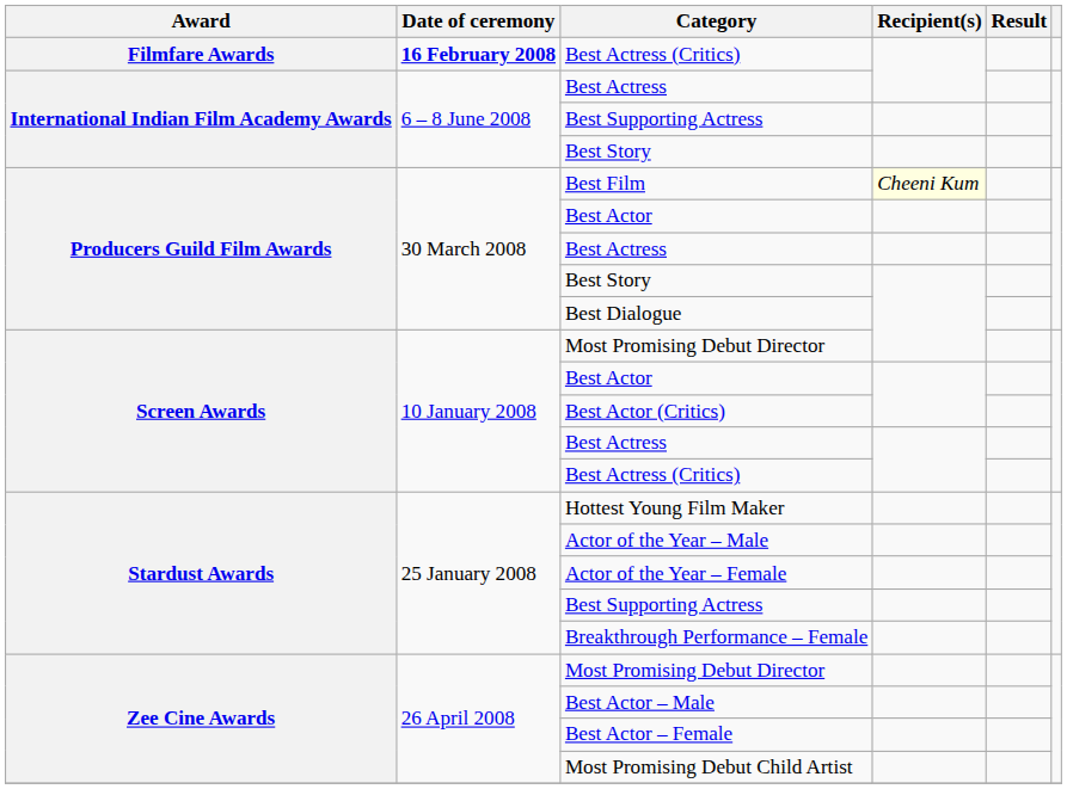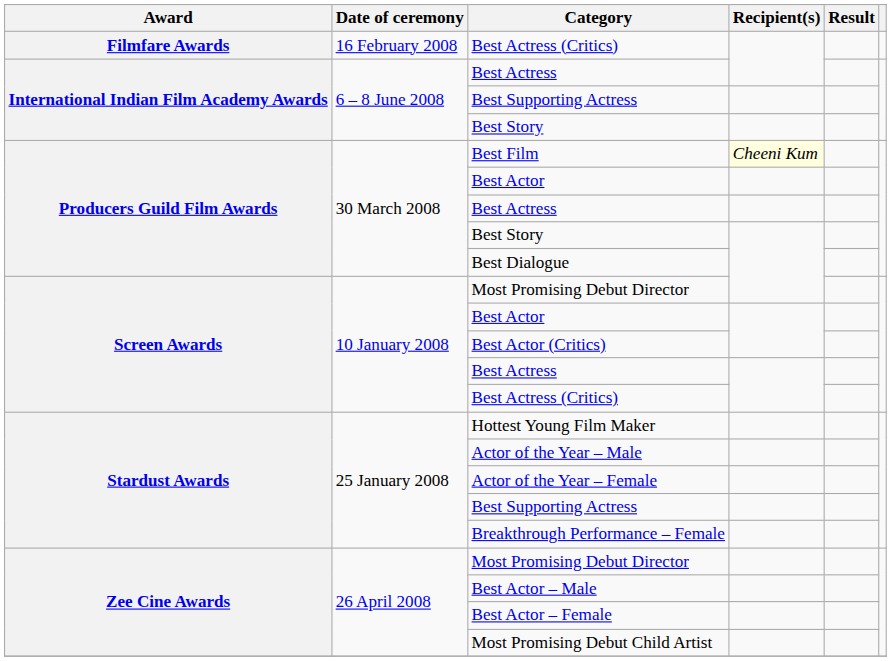 <table class="wikitable plainrowheaders sortable">
 <tr>
 <th scope="col">Award</th>
 <th scope="col">Date of ceremony</th>
 <th scope="col">Category</th>
 <th scope="col">Recipient(s)</th>
 <th scope="col">Result</th>
 <th scope="col" class="unsortable"></th>
 </tr>
 <tr>
 <th scope="row"><a href='#'>Filmfare Awards</a></th>
-<td><strong><a href='#'>16 February 2008</a></strong></td>
+<td><a href='#'>16 February 2008</a></td>
 <td><a href='#'>Best Actress (Critics)</a></td>
 <td rowspan="2"></td>
 <td></td>
 <td style="text-align:center;"></td>
 </tr>
 <tr>
 <th scope="row" rowspan="3"><a href='#'>International Indian Film Academy Awards</a></th>
 <td rowspan="3"><a href='#'>6 – 8 June 2008</a></td>
 <td><a href='#'>Best Actress</a></td>
 <td></td>
 <td rowspan="3"></td>
 </tr>
 <tr>
 <td><a href='#'>Best Supporting Actress</a></td>
 <td></td>
 <td></td>
 </tr>
 <tr>
 <td><a href='#'>Best Story</a></td>
 <td></td>
 <td></td>
 </tr>
 <tr>
 <th rowspan="5" scope="row"><a href='#'>Producers Guild Film Awards</a></th>
 <td rowspan="5">30 March 2008</td>
 <td><a href='#'>Best Film</a></td>
 <td style="background: lightyellow;"><em>Cheeni Kum</em></td>
 <td></td>
 <td rowspan="5" style="text-align:center;"></td>
 </tr>
 <tr>
 <td><a href='#'>Best Actor</a></td>
 <td></td>
 <td></td>
 </tr>
 <tr>
 <td><a href='#'>Best Actress</a></td>
 <td></td>
 <td></td>
 </tr>
 <tr>
 <td>Best Story</td>
 <td rowspan="3"></td>
 <td></td>
 </tr>
 <tr>
 <td>Best Dialogue</td>
 <td></td>
 </tr>
 <tr>
 <th scope="row" rowspan="5"><a href='#'>Screen Awards</a></th>
 <td rowspan="5"><a href='#'>10 January 2008</a></td>
 <td>Most Promising Debut Director</td>
 <td></td>
 <td style="text-align:center;" rowspan="5"><br></td>
 </tr>
 <tr>
 <td><a href='#'>Best Actor</a></td>
 <td rowspan="2"></td>
 <td></td>
 </tr>
 <tr>
 <td><a href='#'>Best Actor (Critics)</a></td>
 <td></td>
 </tr>
 <tr>
 <td><a href='#'>Best Actress</a></td>
 <td rowspan="2"></td>
 <td></td>
 </tr>
 <tr>
 <td><a href='#'>Best Actress (Critics)</a></td>
 <td></td>
 </tr>
 <tr>
 <th scope="row" rowspan="5"><a href='#'>Stardust Awards</a></th>
 <td rowspan="5">25 January 2008</td>
 <td>Hottest Young Film Maker</td>
 <td></td>
 <td></td>
 <td style="text-align:center;" rowspan="5"></td>
 </tr>
 <tr>
 <td><a href='#'>Actor of the Year – Male</a></td>
 <td></td>
 <td></td>
 </tr>
 <tr>
 <td><a href='#'>Actor of the Year – Female</a></td>
 <td></td>
 <td></td>
 </tr>
 <tr>
 <td><a href='#'>Best Supporting Actress</a></td>
 <td></td>
 <td></td>
 </tr>
 <tr>
 <td><a href='#'>Breakthrough Performance – Female</a></td>
 <td></td>
 <td></td>
 </tr>
 <tr>
 <th scope="row" rowspan="4"><a href='#'>Zee Cine Awards</a></th>
 <td rowspan="4"><a href='#'>26 April 2008</a></td>
 <td><a href='#'>Most Promising Debut Director</a></td>
 <td></td>
 <td></td>
 <td style="text-align:center;" rowspan="4"></td>
 </tr>
 <tr>
 <td><a href='#'>Best Actor – Male</a></td>
 <td></td>
 <td></td>
 </tr>
 <tr>
 <td><a href='#'>Best Actor – Female</a></td>
 <td></td>
 <td></td>
 </tr>
 <tr>
 <td>Most Promising Debut Child Artist</td>
 <td></td>
 <td></td>
 </tr>
 <tr>
 </tr>
 </table>
